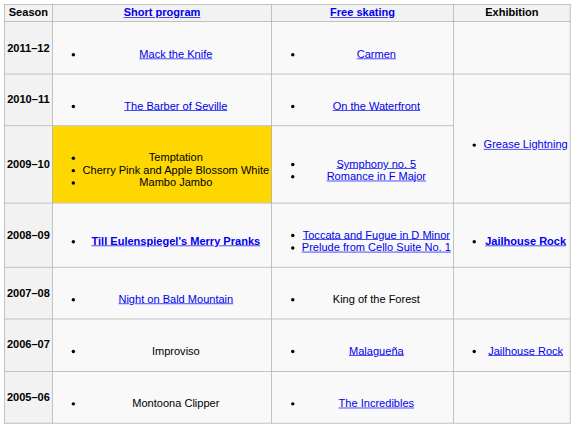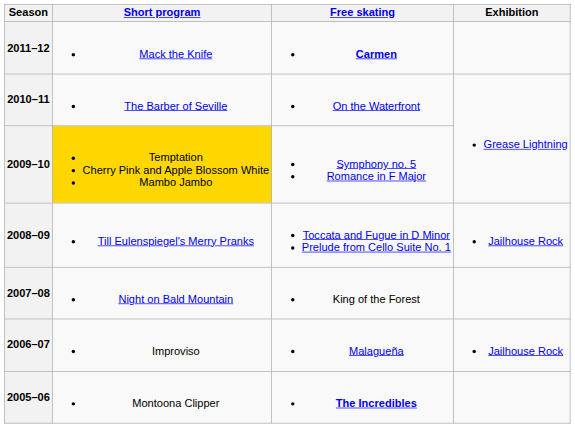 <table class="wikitable" style="text-align:center">
 <tr>
 <th>Season</th>
 <th><a href='#'>Short program</a></th>
 <th><a href='#'>Free skating</a></th>
 <th>Exhibition</th>
 </tr>
 <tr>
 <th>2011–12 <br> </th>
 <td><br><ul><li><a href='#'>Mack the Knife</a> <br></li></ul></td>
-<td><br><ul><li><a href='#'>Carmen</a> <br></li></ul></td>
+<td><strong><br><ul><li><a href='#'>Carmen</a> <br></li></ul></strong></td>
 <td></td>
 </tr>
 <tr>
 <th>2010–11 <br> </th>
 <td><br><ul><li><a href='#'>The Barber of Seville</a> <br></li></ul></td>
 <td><br><ul><li><a href='#'>On the Waterfront</a> <br></li></ul></td>
 <td rowspan=2><br><ul><li><a href='#'>Grease Lightning</a> <br></li></ul></td>
 </tr>
 <tr>
 <th>2009–10 <br> </th>
 <td style="background: gold;"><br><ul><li>Temptation <br></li><li>Cherry Pink and Apple Blossom White <br></li><li>Mambo Jambo <br></li></ul></td>
 <td><br><ul><li><a href='#'>Symphony no. 5</a> <br></li><li><a href='#'>Romance in F Major</a> <br></li></ul></td>
 </tr>
 <tr>
 <th>2008–09 <br> </th>
-<td><strong><br><ul><li><a href='#'>Till Eulenspiegel's Merry Pranks</a> <br></li></ul></strong></td>
+<td><br><ul><li><a href='#'>Till Eulenspiegel's Merry Pranks</a> <br></li></ul></td>
 <td><br><ul><li><a href='#'>Toccata and Fugue in D Minor</a></li><li><a href='#'>Prelude from Cello Suite No. 1</a> <br></li></ul></td>
-<td><strong><br><ul><li><a href='#'>Jailhouse Rock</a> <br></li></ul></strong></td>
+<td><br><ul><li><a href='#'>Jailhouse Rock</a> <br></li></ul></td>
 </tr>
 <tr>
 <th>2007–08 <br> </th>
 <td><br><ul><li><a href='#'>Night on Bald Mountain</a> <br></li></ul></td>
 <td><br><ul><li>King of the Forest <br></li></ul></td>
 <td></td>
 </tr>
 <tr>
 <th>2006–07 <br> </th>
 <td><br><ul><li>Improviso <br></li></ul></td>
 <td><br><ul><li><a href='#'>Malagueña</a> <br></li></ul></td>
 <td><br><ul><li><a href='#'>Jailhouse Rock</a> <br></li></ul></td>
 </tr>
 <tr>
 <th>2005–06 <br> </th>
 <td><br><ul><li>Montoona Clipper</li></ul></td>
-<td><br><ul><li><a href='#'>The Incredibles</a> <br></li></ul></td>
+<td><strong><br><ul><li><a href='#'>The Incredibles</a> <br></li></ul></strong></td>
 <td></td>
 </tr>
 </table>
